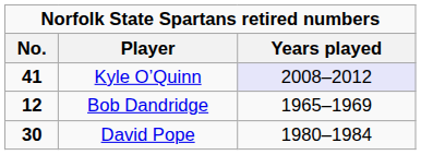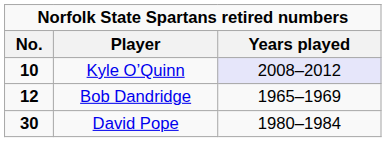 <table class="wikitable sortable" style="text-align:center">
 <tr>
 <td colspan="3"><strong>Norfolk State Spartans retired numbers</strong></td>
 </tr>
 <tr>
 <th width=40px>No.</th>
 <th width=150px>Player</th>
 <th width=150px>Years played</th>
 </tr>
 <tr>
-<td><strong>41</strong></td>
+<td><strong>10</strong></td>
 <td><a href='#'>Kyle O’Quinn</a></td>
 <td style="background: lavender;">2008–2012</td>
 </tr>
 <tr>
 <td><strong>12</strong></td>
 <td><a href='#'>Bob Dandridge</a></td>
 <td>1965–1969</td>
 </tr>
 <tr>
 <td><strong>30</strong></td>
 <td><a href='#'>David Pope</a></td>
 <td>1980–1984</td>
 </tr>
 </table>
